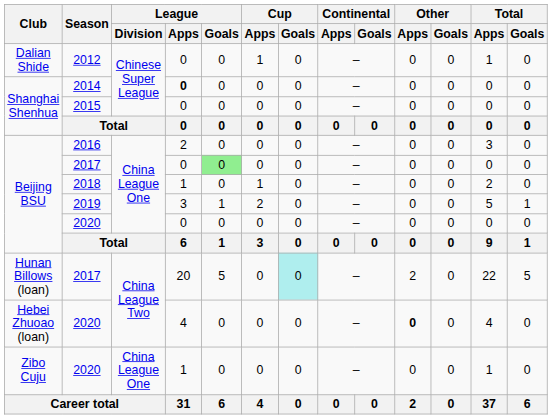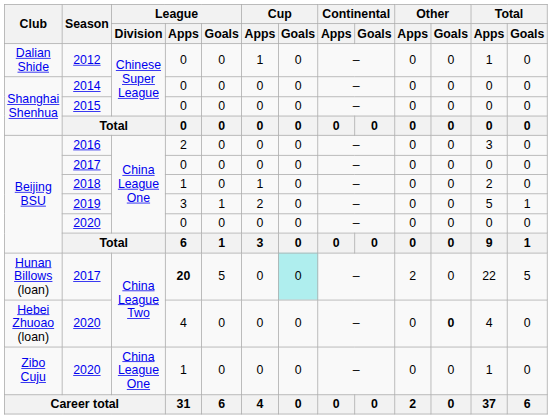 <table class="wikitable" style="text-align: center">
 <tr>
 <th rowspan="2">Club</th>
 <th rowspan="2">Season</th>
 <th colspan="3">League</th>
 <th colspan="2">Cup</th>
 <th colspan="2">Continental</th>
 <th colspan="2">Other</th>
 <th colspan="2">Total</th>
 </tr>
 <tr>
 <th>Division</th>
 <th>Apps</th>
 <th>Goals</th>
 <th>Apps</th>
 <th>Goals</th>
 <th>Apps</th>
 <th>Goals</th>
 <th>Apps</th>
 <th>Goals</th>
 <th>Apps</th>
 <th>Goals</th>
 </tr>
 <tr>
 <td><a href='#'>Dalian Shide</a></td>
 <td><a href='#'>2012</a></td>
 <td rowspan="3"><a href='#'>Chinese Super League</a></td>
 <td>0</td>
 <td>0</td>
 <td>1</td>
 <td>0</td>
 <td colspan="2">–</td>
 <td>0</td>
 <td>0</td>
 <td>1</td>
 <td>0</td>
 </tr>
 <tr>
 <td rowspan="3"><a href='#'>Shanghai Shenhua</a></td>
 <td><a href='#'>2014</a></td>
-<td><strong>0</strong></td>
+<td>0</td>
 <td>0</td>
 <td>0</td>
 <td>0</td>
 <td colspan="2">–</td>
 <td>0</td>
 <td>0</td>
 <td>0</td>
 <td>0</td>
 </tr>
 <tr>
 <td><a href='#'>2015</a></td>
 <td>0</td>
 <td>0</td>
 <td>0</td>
 <td>0</td>
 <td colspan="2">–</td>
 <td>0</td>
 <td>0</td>
 <td>0</td>
 <td>0</td>
 </tr>
 <tr>
 <th colspan=2>Total</th>
 <th>0</th>
 <th>0</th>
 <th>0</th>
 <th>0</th>
 <th>0</th>
 <th>0</th>
 <th>0</th>
 <th>0</th>
 <th>0</th>
 <th>0</th>
 </tr>
 <tr>
 <td rowspan="6"><a href='#'>Beijing BSU</a></td>
 <td><a href='#'>2016</a></td>
 <td rowspan="5"><a href='#'>China League One</a></td>
 <td>2</td>
 <td>0</td>
 <td>0</td>
 <td>0</td>
 <td colspan="2">–</td>
 <td>0</td>
 <td>0</td>
 <td>3</td>
 <td>0</td>
 </tr>
 <tr>
 <td><a href='#'>2017</a></td>
 <td>0</td>
-<td style="background: lightgreen;">0</td>
+<td>0</td>
 <td>0</td>
 <td>0</td>
 <td colspan="2">–</td>
 <td>0</td>
 <td>0</td>
 <td>0</td>
 <td>0</td>
 </tr>
 <tr>
 <td><a href='#'>2018</a></td>
 <td>1</td>
 <td>0</td>
 <td>1</td>
 <td>0</td>
 <td colspan="2">–</td>
 <td>0</td>
 <td>0</td>
 <td>2</td>
 <td>0</td>
 </tr>
 <tr>
 <td><a href='#'>2019</a></td>
 <td>3</td>
 <td>1</td>
 <td>2</td>
 <td>0</td>
 <td colspan="2">–</td>
 <td>0</td>
 <td>0</td>
 <td>5</td>
 <td>1</td>
 </tr>
 <tr>
 <td><a href='#'>2020</a></td>
 <td>0</td>
 <td>0</td>
 <td>0</td>
 <td>0</td>
 <td colspan="2">–</td>
 <td>0</td>
 <td>0</td>
 <td>0</td>
 <td>0</td>
 </tr>
 <tr>
 <th colspan=2>Total</th>
 <th>6</th>
 <th>1</th>
 <th>3</th>
 <th>0</th>
 <th>0</th>
 <th>0</th>
 <th>0</th>
 <th>0</th>
 <th>9</th>
 <th>1</th>
 </tr>
 <tr>
 <td><a href='#'>Hunan Billows</a> (loan)</td>
 <td><a href='#'>2017</a></td>
 <td rowspan="2"><a href='#'>China League Two</a></td>
-<td>20</td>
+<td><strong>20</strong></td>
 <td>5</td>
 <td>0</td>
 <td style="background: paleturquoise;">0</td>
 <td colspan="2">–</td>
 <td>2</td>
 <td>0</td>
 <td>22</td>
 <td>5</td>
 </tr>
 <tr>
 <td><a href='#'>Hebei Zhuoao</a> (loan)</td>
 <td><a href='#'>2020</a></td>
 <td>4</td>
 <td>0</td>
 <td>0</td>
 <td>0</td>
 <td colspan="2">–</td>
+<td>0</td>
 <td><strong>0</strong></td>
-<td>0</td>
 <td>4</td>
 <td>0</td>
 </tr>
 <tr>
 <td><a href='#'>Zibo Cuju</a></td>
 <td><a href='#'>2020</a></td>
 <td><a href='#'>China League One</a></td>
 <td>1</td>
 <td>0</td>
 <td>0</td>
 <td>0</td>
 <td colspan="2">–</td>
 <td>0</td>
 <td>0</td>
 <td>1</td>
 <td>0</td>
 </tr>
 <tr>
 <th colspan=3>Career total</th>
 <th>31</th>
 <th>6</th>
 <th>4</th>
 <th>0</th>
 <th>0</th>
 <th>0</th>
 <th>2</th>
 <th>0</th>
 <th>37</th>
 <th>6</th>
 </tr>
 </table>
